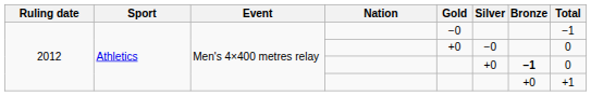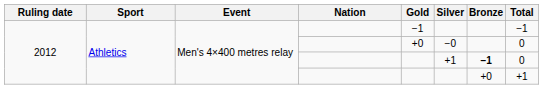 <table class="wikitable" style="text-align:center; font-size:90%;">
 <tr>
 <th scope="col" width="110">Ruling date</th>
 <th scope="col" width="120">Sport</th>
 <th scope="col" width="170">Event</th>
 <th scope="col" width="140">Nation</th>
 <th scope="col" width="40">Gold</th>
 <th scope="col" width="40">Silver</th>
 <th scope="col" width="40">Bronze</th>
 <th scope="col" width="40">Total</th>
 </tr>
 <tr>
 <td rowspan=4>2012</td>
 <td rowspan=4 align=left><a href='#'>Athletics</a></td>
 <td rowspan=4 align=left>Men's 4×400 metres relay</td>
 <td align=left></td>
-<td>−0</td>
+<td>−1</td>
 <td></td>
 <td></td>
 <td>−1</td>
 </tr>
 <tr>
 <td align=left></td>
 <td>+0</td>
 <td>−0</td>
 <td></td>
 <td>0</td>
 </tr>
 <tr>
 <td align=left></td>
 <td></td>
-<td>+0</td>
+<td>+1</td>
 <td><strong>−1</strong></td>
 <td>0</td>
 </tr>
 <tr>
 <td align=left></td>
 <td></td>
 <td></td>
 <td>+0</td>
 <td>+1</td>
 </tr>
 </table>
